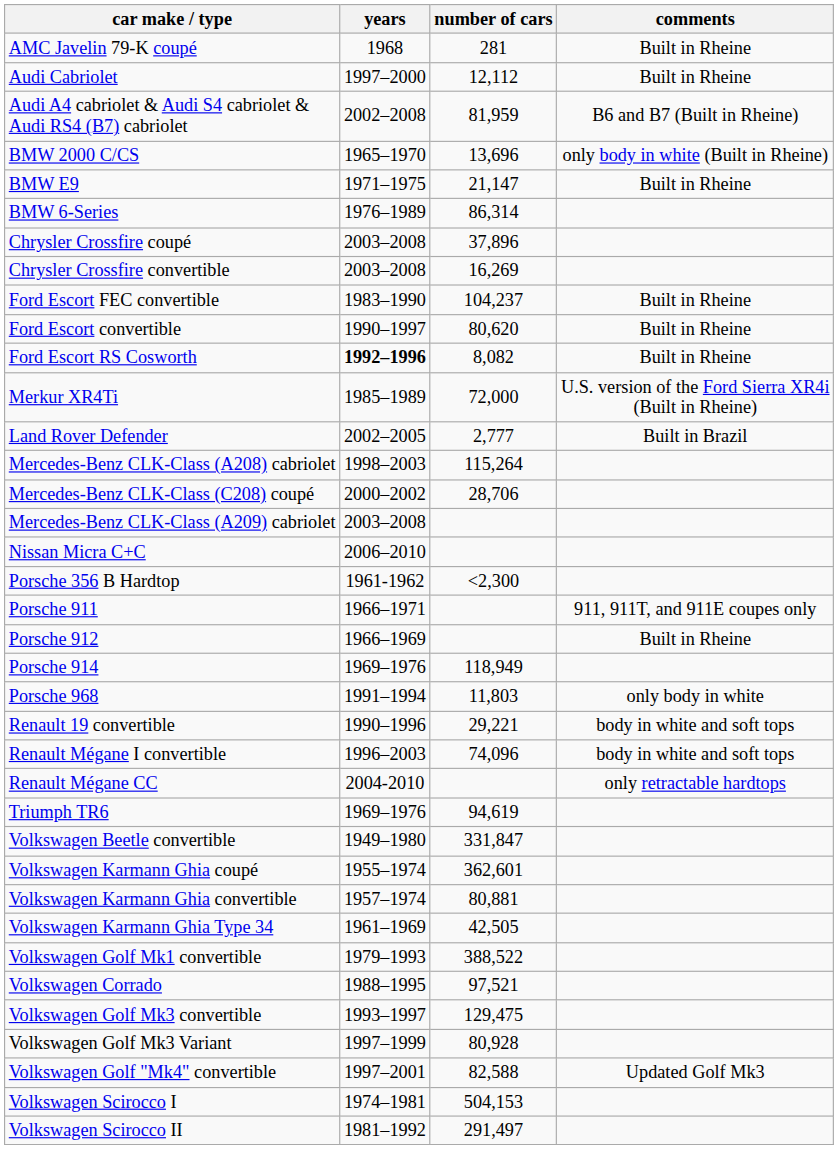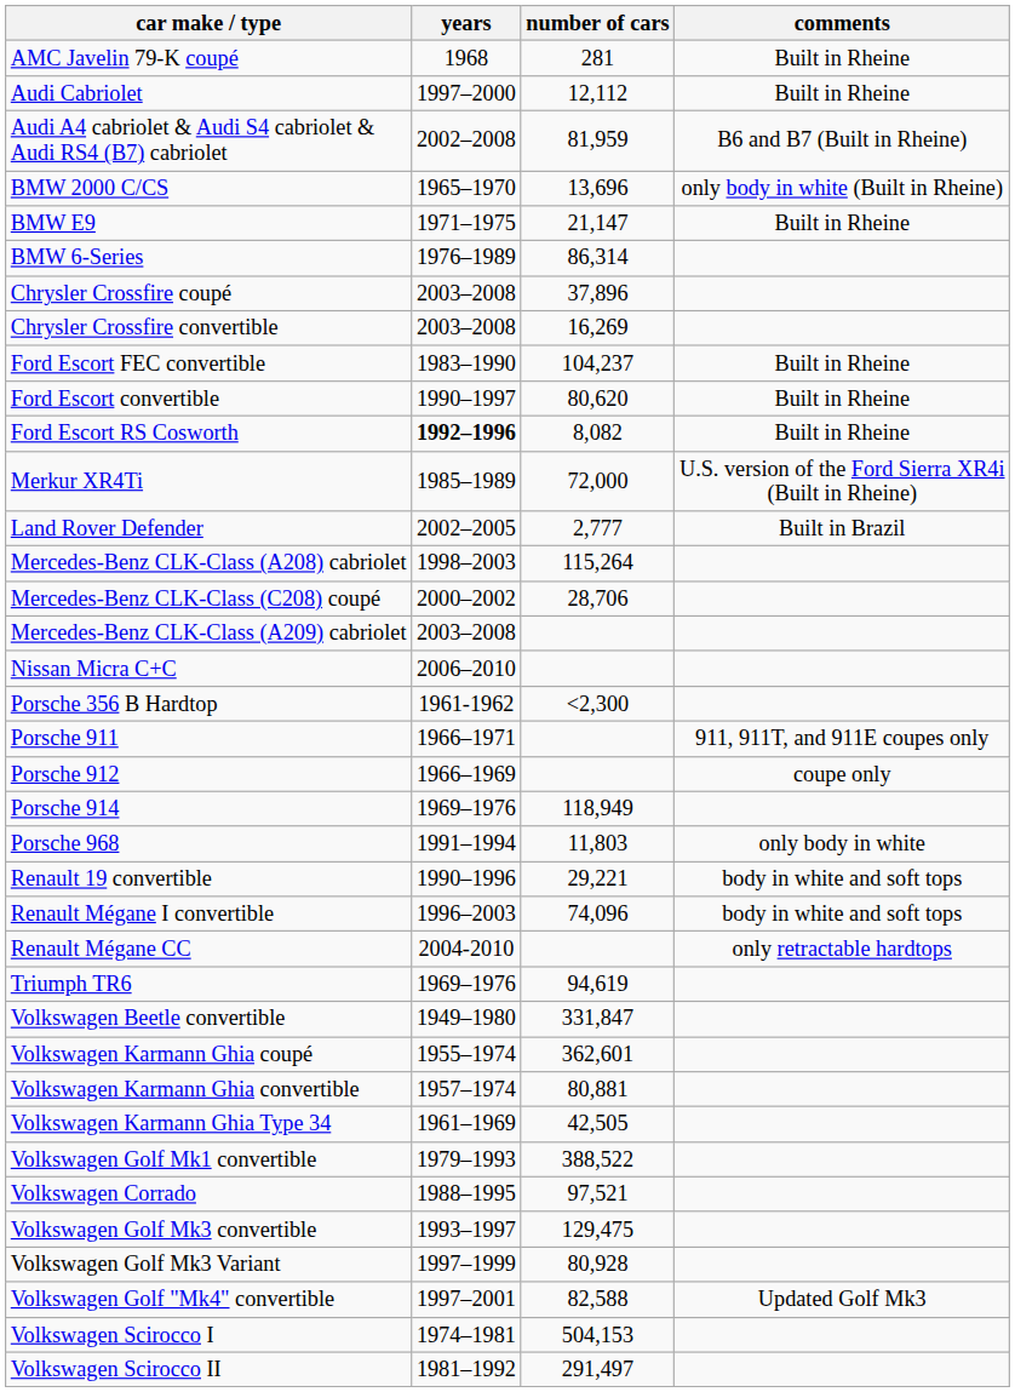 <table class="wikitable sortable" style="text-align:center; cell-align:top;">
 <tr>
 <th>car make / type</th>
 <th>years</th>
 <th>number of cars</th>
 <th class="unsortable">comments</th>
 </tr>
 <tr>
 <td align="left"><a href='#'>AMC Javelin</a> 79-K <a href='#'>coupé</a></td>
 <td>1968</td>
 <td>281</td>
 <td>Built in Rheine</td>
 </tr>
 <tr>
 <td align="left"><a href='#'>Audi Cabriolet</a></td>
 <td>1997–2000</td>
 <td>12,112</td>
 <td>Built in Rheine</td>
 </tr>
 <tr>
 <td align="left"><a href='#'>Audi A4</a> cabriolet & <a href='#'>Audi S4</a> cabriolet &<br> <a href='#'>Audi RS4 (B7)</a> cabriolet</td>
 <td>2002–2008</td>
 <td>81,959</td>
 <td>B6 and B7 (Built in Rheine)</td>
 </tr>
 <tr>
 <td align="left"><a href='#'>BMW 2000 C/CS</a></td>
 <td>1965–1970</td>
 <td>13,696</td>
 <td>only <a href='#'>body in white</a> (Built in Rheine)</td>
 </tr>
 <tr>
 <td align="left"><a href='#'>BMW E9</a></td>
 <td>1971–1975</td>
 <td>21,147</td>
 <td>Built in Rheine</td>
 </tr>
 <tr>
 <td align="left"><a href='#'>BMW 6-Series</a></td>
 <td>1976–1989</td>
 <td>86,314</td>
 <td></td>
 </tr>
 <tr>
 <td align="left"><a href='#'>Chrysler Crossfire</a> coupé</td>
 <td>2003–2008</td>
 <td>37,896</td>
 <td></td>
 </tr>
 <tr>
 <td align="left"><a href='#'>Chrysler Crossfire</a> convertible</td>
 <td>2003–2008</td>
 <td>16,269</td>
 <td></td>
 </tr>
 <tr>
 <td align="left"><a href='#'>Ford Escort</a> FEC convertible</td>
 <td>1983–1990</td>
 <td>104,237</td>
 <td>Built in Rheine</td>
 </tr>
 <tr>
 <td align="left"><a href='#'>Ford Escort</a> convertible</td>
 <td>1990–1997</td>
 <td>80,620</td>
 <td>Built in Rheine</td>
 </tr>
 <tr>
 <td align="left"><a href='#'>Ford Escort RS Cosworth</a></td>
 <td><strong>1992–1996</strong></td>
 <td>8,082</td>
 <td>Built in Rheine</td>
 </tr>
 <tr>
 <td align="left"><a href='#'>Merkur XR4Ti</a></td>
 <td>1985–1989</td>
 <td>72,000</td>
 <td>U.S. version of the <a href='#'>Ford Sierra XR4i</a><br>(Built in Rheine)</td>
 </tr>
 <tr>
 <td align="left"><a href='#'>Land Rover Defender</a></td>
 <td>2002–2005</td>
 <td>2,777</td>
 <td>Built in Brazil</td>
 </tr>
 <tr>
 <td align="left"><a href='#'>Mercedes-Benz CLK-Class (A208)</a> cabriolet</td>
 <td>1998–2003</td>
 <td>115,264</td>
 <td></td>
 </tr>
 <tr>
 <td align="left"><a href='#'>Mercedes-Benz CLK-Class (C208)</a> coupé</td>
 <td>2000–2002</td>
 <td>28,706</td>
 <td></td>
 </tr>
 <tr>
 <td align="left"><a href='#'>Mercedes-Benz CLK-Class (A209)</a> cabriolet</td>
 <td>2003–2008</td>
 <td></td>
 <td></td>
 </tr>
 <tr>
 <td align="left"><a href='#'>Nissan Micra C+C</a></td>
 <td>2006–2010</td>
 <td></td>
 <td></td>
 </tr>
 <tr>
 <td align="left"><a href='#'>Porsche 356</a> B Hardtop</td>
 <td>1961-1962</td>
 <td><2,300</td>
 <td></td>
 </tr>
 <tr>
 <td align="left"><a href='#'>Porsche 911</a></td>
 <td>1966–1971</td>
 <td></td>
 <td>911, 911T, and 911E coupes only</td>
 </tr>
 <tr>
 <td align="left"><a href='#'>Porsche 912</a></td>
 <td>1966–1969</td>
 <td></td>
-<td>Built in Rheine</td>
+<td>coupe only</td>
 </tr>
 <tr>
 <td align="left"><a href='#'>Porsche 914</a></td>
 <td>1969–1976</td>
 <td>118,949</td>
 <td></td>
 </tr>
 <tr>
 <td align="left"><a href='#'>Porsche 968</a></td>
 <td>1991–1994</td>
 <td>11,803</td>
 <td>only body in white</td>
 </tr>
 <tr>
 <td align="left"><a href='#'>Renault 19</a> convertible</td>
 <td>1990–1996</td>
 <td>29,221</td>
 <td>body in white and soft tops</td>
 </tr>
 <tr>
 <td align="left"><a href='#'>Renault Mégane</a> I convertible</td>
 <td>1996–2003</td>
 <td>74,096</td>
 <td>body in white and soft tops</td>
 </tr>
 <tr>
 <td align="left"><a href='#'>Renault Mégane CC</a></td>
 <td>2004-2010</td>
 <td></td>
 <td>only <a href='#'>retractable hardtops</a></td>
 </tr>
 <tr>
 <td align="left"><a href='#'>Triumph TR6</a></td>
 <td>1969–1976</td>
 <td>94,619</td>
 <td></td>
 </tr>
 <tr>
 <td align="left"><a href='#'>Volkswagen Beetle</a> convertible</td>
 <td>1949–1980</td>
 <td>331,847</td>
 <td></td>
 </tr>
 <tr>
 <td align="left"><a href='#'>Volkswagen Karmann Ghia</a> coupé</td>
 <td>1955–1974</td>
 <td>362,601</td>
 <td></td>
 </tr>
 <tr>
 <td align="left"><a href='#'>Volkswagen Karmann Ghia</a> convertible</td>
 <td>1957–1974</td>
 <td>80,881</td>
 <td></td>
 </tr>
 <tr>
 <td align="left"><a href='#'>Volkswagen Karmann Ghia Type 34</a></td>
 <td>1961–1969</td>
 <td>42,505</td>
 <td></td>
 </tr>
 <tr>
 <td align="left"><a href='#'>Volkswagen Golf Mk1</a> convertible</td>
 <td>1979–1993</td>
 <td>388,522</td>
 <td></td>
 </tr>
 <tr>
 <td align="left"><a href='#'>Volkswagen Corrado</a></td>
 <td>1988–1995</td>
 <td>97,521</td>
 <td></td>
 </tr>
 <tr>
 <td align="left"><a href='#'>Volkswagen Golf Mk3</a> convertible</td>
 <td>1993–1997</td>
 <td>129,475</td>
 <td></td>
 </tr>
 <tr>
 <td align="left">Volkswagen Golf Mk3 Variant</td>
 <td>1997–1999</td>
 <td>80,928</td>
 <td></td>
 </tr>
 <tr>
 <td align="left"><a href='#'>Volkswagen Golf "Mk4"</a> convertible</td>
 <td>1997–2001</td>
 <td>82,588</td>
 <td>Updated Golf Mk3</td>
 </tr>
 <tr>
 <td align="left"><a href='#'>Volkswagen Scirocco</a> I</td>
 <td>1974–1981</td>
 <td>504,153</td>
 <td></td>
 </tr>
 <tr>
 <td align="left"><a href='#'>Volkswagen Scirocco</a> II</td>
 <td>1981–1992</td>
 <td>291,497</td>
 <td></td>
 </tr>
 <tr>
 </tr>
 </table>
